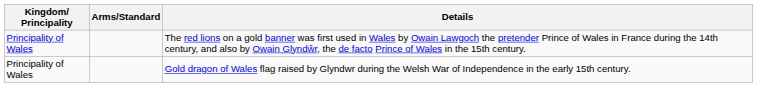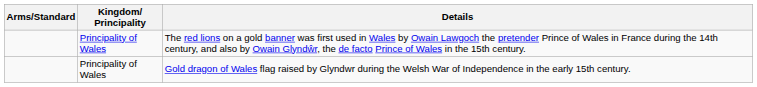 <table class="wikitable">
 <tr>
+<th>Arms/Standard</th>
 <th>Kingdom/ Principality</th>
-<th>Arms/Standard</th>
 <th>Details</th>
 </tr>
 <tr>
+<td></td>
 <td><a href='#'>Principality of Wales</a></td>
-<td></td>
 <td>The <a href='#'>red lions</a> on a gold <a href='#'>banner</a> was first used in <a href='#'>Wales</a> by <a href='#'>Owain Lawgoch</a> the <a href='#'>pretender</a> Prince of Wales in France during the 14th century, and also by <a href='#'>Owain Glyndŵr</a>, the <a href='#'>de facto</a> <a href='#'>Prince of Wales</a> in the 15th century.</td>
 </tr>
 <tr>
+<td></td>
 <td>Principality of Wales</td>
-<td></td>
 <td><a href='#'>Gold dragon of Wales</a> flag raised by Glyndwr during the Welsh War of Independence in the early 15th century.</td>
 </tr>
 </table>
